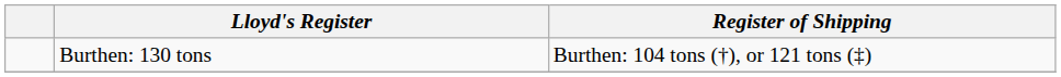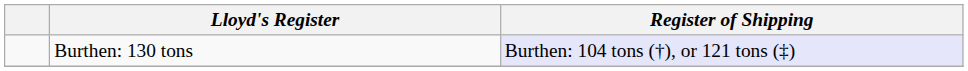 <table class="wikitable">
 <tr>
 <th scope="col" style="width: 30px;"></th>
 <th scope="col" style="width: 365px;"><em>Lloyd's Register</em></th>
 <th scope="col" style="width: 375px;"><em>Register of Shipping</em></th>
 </tr>
 <tr>
 <td></td>
 <td>Burthen: 130 tons</td>
-<td>Burthen: 104 tons (†), or 121 tons (‡)</td>
+<td style="background: lavender;">Burthen: 104 tons (†), or 121 tons (‡)</td>
 </tr>
 <tr>
 </tr>
 </table>
